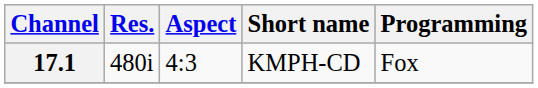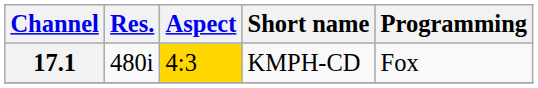 <table class="wikitable">
 <tr>
 <th scope = "col"><a href='#'>Channel</a></th>
 <th scope = "col"><a href='#'>Res.</a></th>
 <th scope = "col"><a href='#'>Aspect</a></th>
 <th scope = "col">Short name</th>
 <th scope = "col">Programming</th>
 </tr>
 <tr>
 <th scope = "row">17.1</th>
 <td>480i</td>
-<td>4:3</td>
+<td style="background: gold;">4:3</td>
 <td>KMPH-CD</td>
 <td>Fox</td>
 </tr>
 <tr>
 </tr>
 </table>
